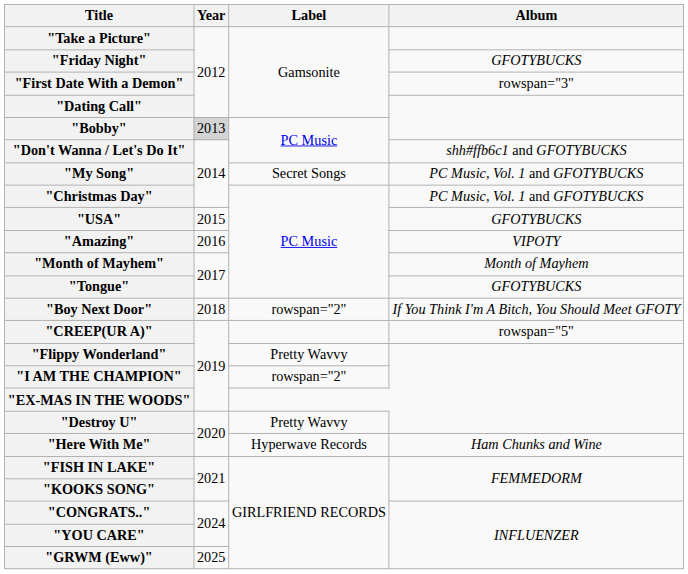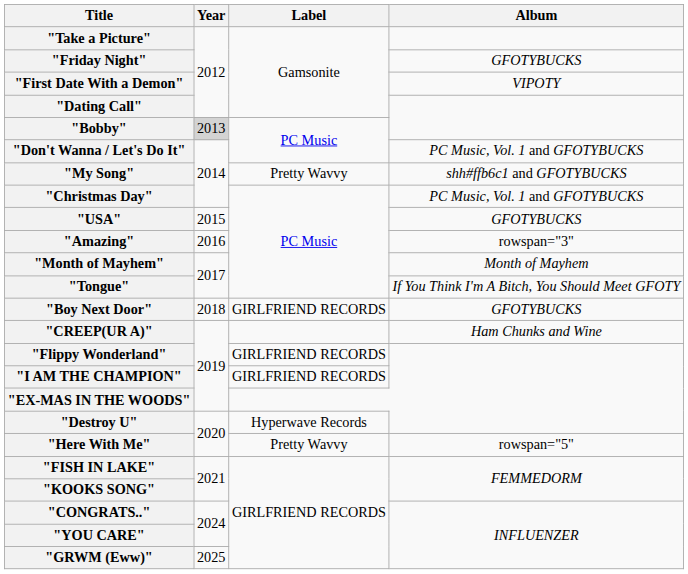 <table class="wikitable plainrowheaders" style="text-align:center">
 <tr>
 <th scope="col">Title</th>
 <th scope="col">Year</th>
 <th scope="col">Label</th>
 <th scope="col">Album</th>
 </tr>
 <tr>
 <th scope="row">"Take a Picture" </th>
 <td rowspan="4">2012</td>
 <td rowspan="4">Gamsonite</td>
 <td></td>
 </tr>
 <tr>
 <th scope="row">"Friday Night"</th>
 <td><em>GFOTYBUCKS</em></td>
 </tr>
 <tr>
 <th scope="row">"First Date With a Demon" </th>
-<td>rowspan="3" </td>
+<td><em>VIPOTY</em></td>
 </tr>
 <tr>
 <th scope="row">"Dating Call"</th>
 </tr>
 <tr>
 <th scope="row">"Bobby"</th>
 <td style="background: lightgrey;">2013</td>
 <td rowspan="2"><a href='#'>PC Music</a></td>
 </tr>
 <tr>
 <th scope="row">"Don't Wanna / Let's Do It"</th>
 <td rowspan="3">2014</td>
-<td><em>shh#ffb6c1</em> and <em>GFOTYBUCKS</em></td>
+<td><em>PC Music, Vol. 1</em> and <em>GFOTYBUCKS</em></td>
 </tr>
 <tr>
 <th scope="row">"My Song"</th>
-<td>Secret Songs</td>
-<td><em>PC Music, Vol. 1</em> and <em>GFOTYBUCKS</em></td>
+<td>Pretty Wavvy</td>
+<td><em>shh#ffb6c1</em> and <em>GFOTYBUCKS</em></td>
 </tr>
 <tr>
 <th scope="row">"Christmas Day"</th>
 <td rowspan="5"><a href='#'>PC Music</a></td>
 <td><em>PC Music, Vol. 1</em> and <em>GFOTYBUCKS</em></td>
 </tr>
 <tr>
 <th scope="row">"USA"</th>
 <td>2015</td>
 <td><em>GFOTYBUCKS</em></td>
 </tr>
 <tr>
 <th scope="row">"Amazing"</th>
 <td>2016</td>
-<td><em>VIPOTY</em></td>
+<td>rowspan="3" </td>
 </tr>
 <tr>
 <th scope="row">"Month of Mayhem"</th>
 <td rowspan="2">2017</td>
 <td><em>Month of Mayhem</em></td>
 </tr>
 <tr>
 <th scope="row">"Tongue"</th>
-<td><em>GFOTYBUCKS</em></td>
+<td><em>If You Think I'm A Bitch, You Should Meet GFOTY</em></td>
 </tr>
 <tr>
 <th scope="row">"Boy Next Door"</th>
 <td>2018</td>
-<td>rowspan="2" </td>
-<td><em>If You Think I'm A Bitch, You Should Meet GFOTY</em></td>
+<td>GIRLFRIEND RECORDS</td>
+<td><em>GFOTYBUCKS</em></td>
 </tr>
 <tr>
 <th scope="row">"CREEP(UR A)"</th>
 <td rowspan="4">2019</td>
 <td></td>
-<td>rowspan="5" </td>
+<td><em>Ham Chunks and Wine</em></td>
 </tr>
 <tr>
 <th scope="row">"Flippy Wonderland"</th>
-<td>Pretty Wavvy</td>
+<td>GIRLFRIEND RECORDS</td>
 </tr>
 <tr>
 <th scope="row">"I AM THE CHAMPION"</th>
-<td>rowspan="2" </td>
+<td>GIRLFRIEND RECORDS</td>
 </tr>
 <tr>
 <th scope="row">"EX-MAS IN THE WOODS"</th>
 </tr>
 <tr>
 <th scope="row">"Destroy U" </th>
 <td rowspan="2">2020</td>
-<td>Pretty Wavvy</td>
+<td>Hyperwave Records</td>
 </tr>
 <tr>
 <th scope="row">"Here With Me"</th>
-<td>Hyperwave Records</td>
-<td><em>Ham Chunks and Wine</em></td>
+<td>Pretty Wavvy</td>
+<td>rowspan="5" </td>
 </tr>
 <tr>
 <th scope="row">"FISH IN LAKE"</th>
 <td rowspan="2">2021</td>
 <td rowspan="5">GIRLFRIEND RECORDS</td>
 <td rowspan="2"><em>FEMMEDORM</em></td>
 </tr>
 <tr>
 <th scope="row">"KOOKS SONG"</th>
 </tr>
 <tr>
 <th scope="row">"CONGRATS.."</th>
 <td rowspan="2">2024</td>
 <td rowspan="3"><em>INFLUENZER</em></td>
 </tr>
 <tr>
 <th scope="row">"YOU CARE"</th>
 </tr>
 <tr>
 <th scope="row">"GRWM (Eww)"</th>
 <td>2025</td>
 </tr>
 </table>
